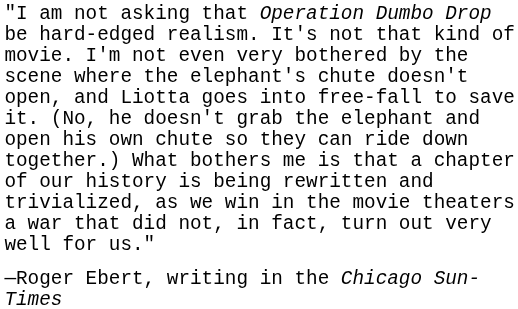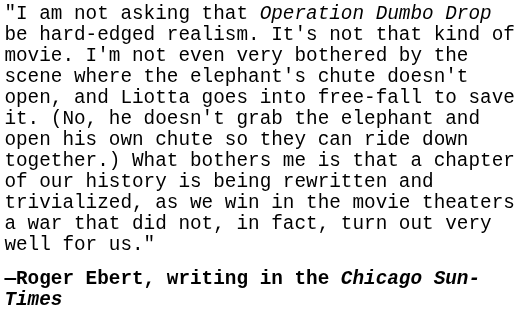 <table class="toccolours" style="float: right; margin-left: 1em; margin-right: 2em; font-size: 85%; color:black; width:40em; max-width: 35%;" cellspacing="5">
 <tr>
 <td style="text-align: left;">"I am not asking that <em>Operation Dumbo Drop</em> be hard-edged realism. It's not that kind of movie. I'm not even very bothered by the scene where the elephant's chute doesn't open, and Liotta goes into free-fall to save it. (No, he doesn't grab the elephant and open his own chute so they can ride down together.) What bothers me is that a chapter of our history is being rewritten and trivialized, as we win in the movie theaters a war that did not, in fact, turn out very well for us."</td>
 </tr>
 <tr>
-<td style="text-align: left;">—Roger Ebert, writing in the <em>Chicago Sun-Times</em></td>
+<td style="text-align: left;"><strong>—Roger Ebert, writing in the <em>Chicago Sun-Times</em></strong></td>
 </tr>
 </table>
